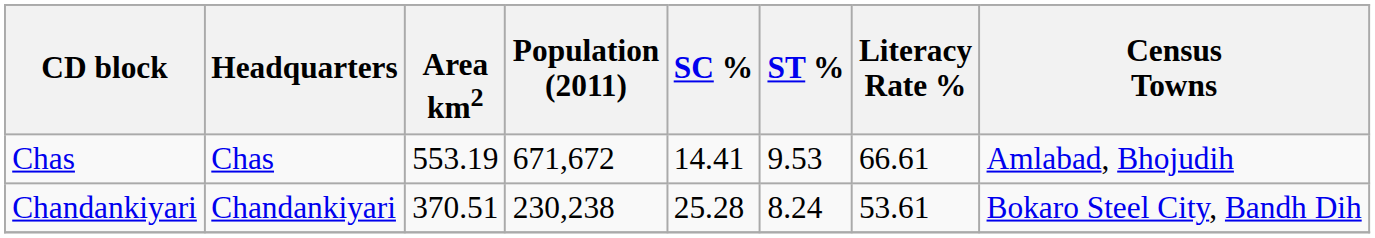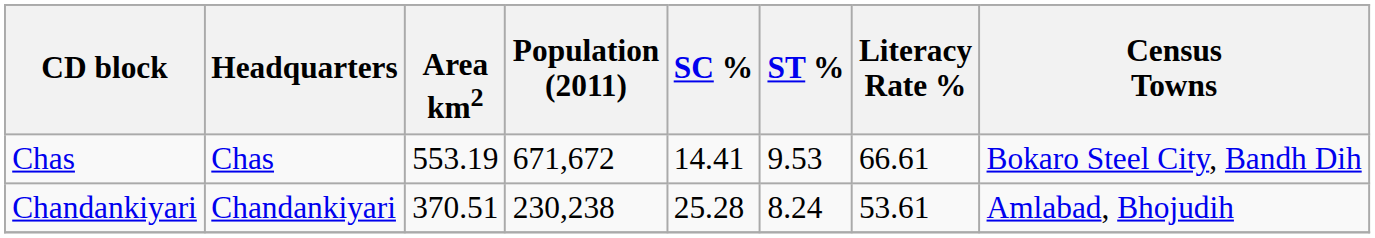 <table class="wikitable sortable">
 <tr>
 <th>CD block</th>
 <th>Headquarters</th>
 <th><br>Area<br>km<sup>2</sup></th>
 <th>Population<br>(2011)</th>
 <th><a href='#'>SC</a> %</th>
 <th><a href='#'>ST</a> %</th>
 <th>Literacy<br> Rate %</th>
 <th>Census<br>Towns</th>
 </tr>
 <tr>
 <td><a href='#'>Chas</a></td>
 <td><a href='#'>Chas</a></td>
 <td>553.19</td>
 <td>671,672</td>
 <td>14.41</td>
 <td>9.53</td>
 <td>66.61</td>
-<td><a href='#'>Amlabad</a>, <a href='#'>Bhojudih</a></td>
+<td><a href='#'>Bokaro Steel City</a>, <a href='#'>Bandh Dih</a></td>
 </tr>
 <tr>
 <td><a href='#'>Chandankiyari</a></td>
 <td><a href='#'>Chandankiyari</a></td>
 <td>370.51</td>
 <td>230,238</td>
 <td>25.28</td>
 <td>8.24</td>
 <td>53.61</td>
-<td><a href='#'>Bokaro Steel City</a>, <a href='#'>Bandh Dih</a></td>
+<td><a href='#'>Amlabad</a>, <a href='#'>Bhojudih</a></td>
 </tr>
 <tr>
 </tr>
 </table>
